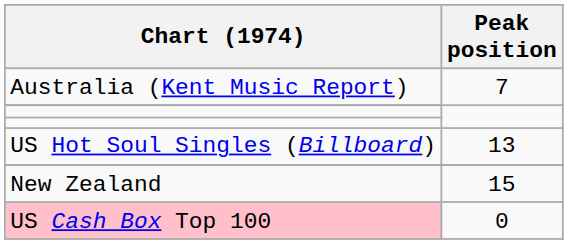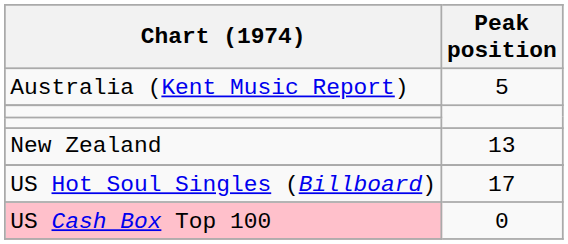 <table class="wikitable sortable">
 <tr>
 <th align="left">Chart (1974)</th>
 <th align="left">Peak<br>position</th>
 </tr>
 <tr>
 <td align="left">Australia (<a href='#'>Kent Music Report</a>)</td>
-<td style="text-align:center;">7</td>
+<td style="text-align:center;">5</td>
 </tr>
 <tr>
 </tr>
 <tr>
 <td></td>
 </tr>
 <tr>
 <td></td>
 </tr>
 <tr>
-<td scope="row">US <a href='#'>Hot Soul Singles</a> (<em><a href='#'>Billboard</a></em>)</td>
+<td align="left">New Zealand</td>
 <td style="text-align:center;">13</td>
 </tr>
 <tr>
 </tr>
 <tr>
-<td align="left">New Zealand</td>
-<td style="text-align:center;">15</td>
+<td scope="row">US <a href='#'>Hot Soul Singles</a> (<em><a href='#'>Billboard</a></em>)</td>
+<td style="text-align:center;">17</td>
 </tr>
 <tr>
 <td align="left" style="background: pink;">US <em><a href='#'>Cash Box</a></em> Top 100</td>
 <td style="text-align:center;">0</td>
 </tr>
 </table>
